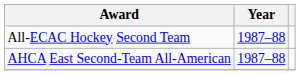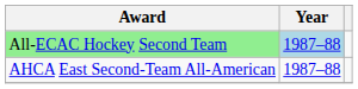 <table class="wikitable">
 <tr>
 <th>Award</th>
 <th>Year</th>
 <th></th>
 </tr>
 <tr>
-<td>All-<a href='#'>ECAC Hockey</a> <a href='#'>Second Team</a></td>
-<td><a href='#'>1987–88</a></td>
+<td style="background: lightgreen;">All-<a href='#'>ECAC Hockey</a> <a href='#'>Second Team</a></td>
+<td style="background: lightblue;"><a href='#'>1987–88</a></td>
 <td></td>
 </tr>
 <tr>
 <td><a href='#'>AHCA</a> <a href='#'>East Second-Team All-American</a></td>
 <td><a href='#'>1987–88</a></td>
 <td></td>
 </tr>
 <tr>
 </tr>
 </table>
